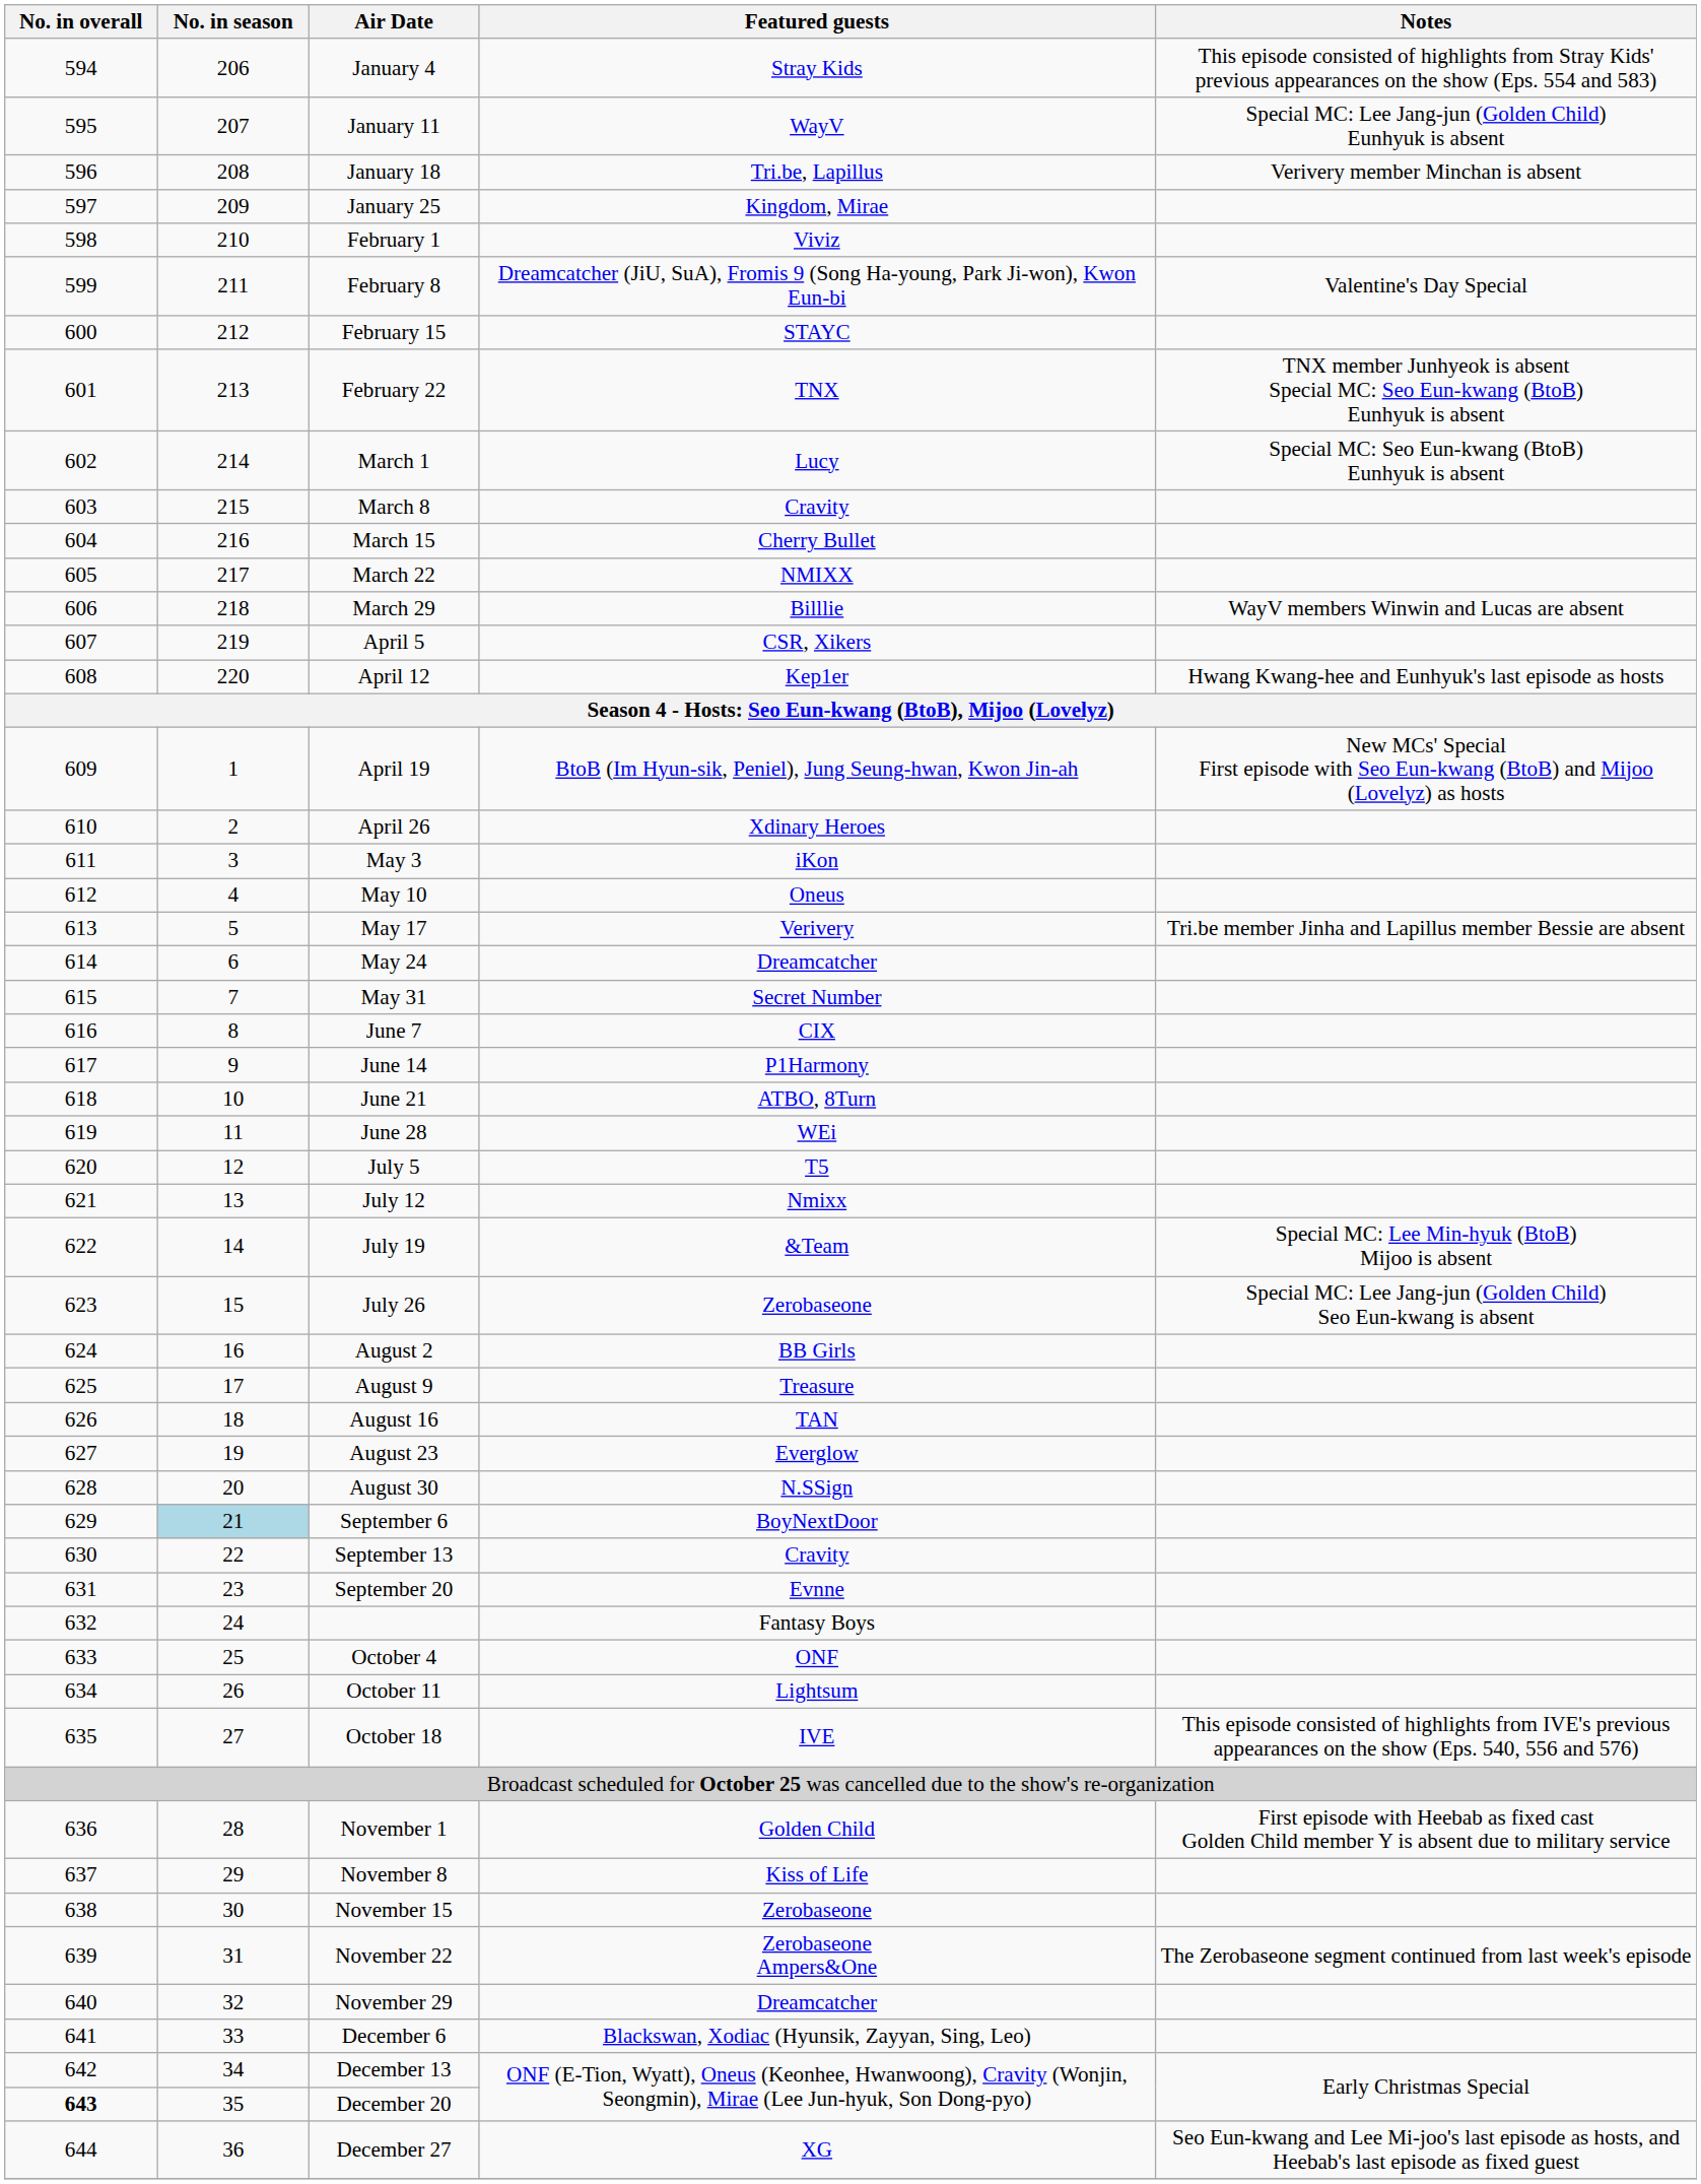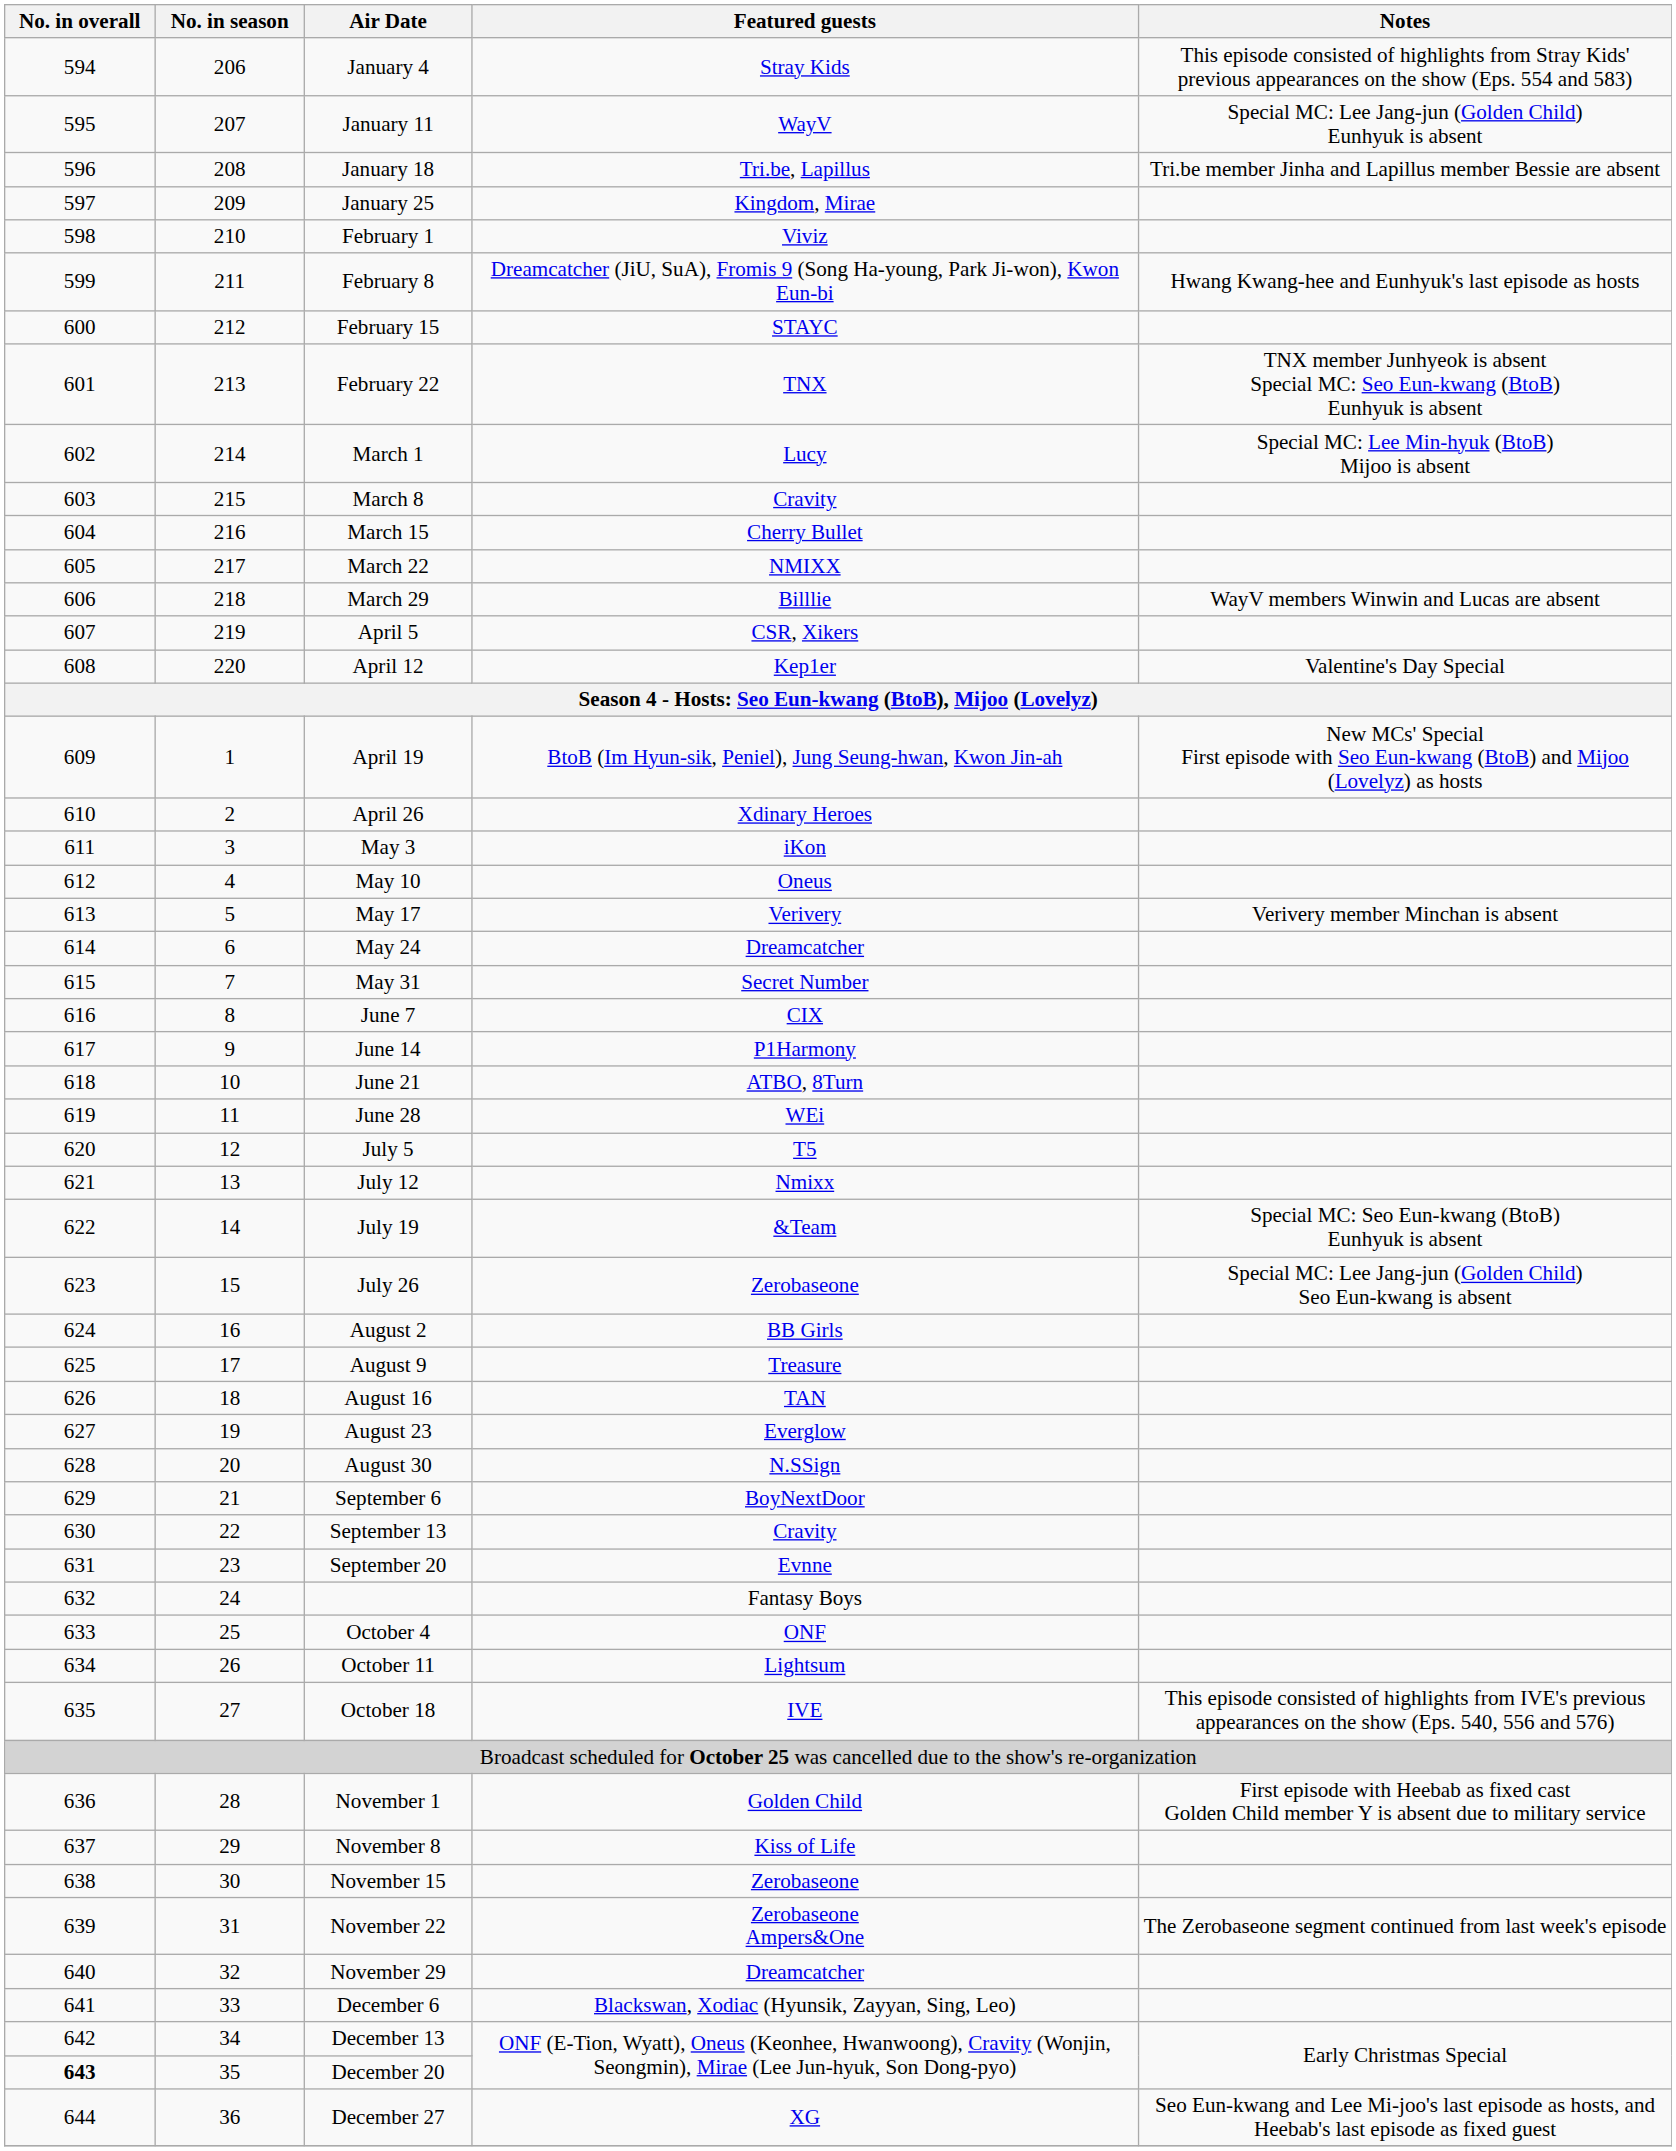 <table class="wikitable" style="text-align:center; width:100%">
 <tr>
 <th width="9%">No. in overall</th>
 <th width="9%">No. in season</th>
 <th width="10%">Air Date</th>
 <th width="40%">Featured guests</th>
 <th width="32%">Notes</th>
 </tr>
 <tr>
 <td>594</td>
 <td>206</td>
 <td>January 4</td>
 <td><a href='#'>Stray Kids</a></td>
 <td>This episode consisted of highlights from Stray Kids' previous appearances on the show (Eps. 554 and 583)</td>
 </tr>
 <tr>
 <td>595</td>
 <td>207</td>
 <td>January 11</td>
 <td><a href='#'>WayV</a></td>
 <td>Special MC: Lee Jang-jun (<a href='#'>Golden Child</a>)<br>Eunhyuk is absent</td>
 </tr>
 <tr>
 <td>596</td>
 <td>208</td>
 <td>January 18</td>
 <td><a href='#'>Tri.be</a>, <a href='#'>Lapillus</a></td>
-<td>Verivery member Minchan is absent</td>
+<td>Tri.be member Jinha and Lapillus member Bessie are absent</td>
 </tr>
 <tr>
 <td>597</td>
 <td>209</td>
 <td>January 25</td>
 <td><a href='#'>Kingdom</a>, <a href='#'>Mirae</a></td>
 <td></td>
 </tr>
 <tr>
 <td>598</td>
 <td>210</td>
 <td>February 1</td>
 <td><a href='#'>Viviz</a></td>
 <td></td>
 </tr>
 <tr>
 <td>599</td>
 <td>211</td>
 <td>February 8</td>
 <td><a href='#'>Dreamcatcher</a> (JiU, SuA), <a href='#'>Fromis 9</a> (Song Ha-young, Park Ji-won), <a href='#'>Kwon Eun-bi</a></td>
-<td>Valentine's Day Special</td>
+<td>Hwang Kwang-hee and Eunhyuk's last episode as hosts</td>
 </tr>
 <tr>
 <td>600</td>
 <td>212</td>
 <td>February 15</td>
 <td><a href='#'>STAYC</a></td>
 <td></td>
 </tr>
 <tr>
 <td>601</td>
 <td>213</td>
 <td>February 22</td>
 <td><a href='#'>TNX</a></td>
 <td>TNX member Junhyeok is absent<br>Special MC: <a href='#'>Seo Eun-kwang</a> (<a href='#'>BtoB</a>)<br>Eunhyuk is absent</td>
 </tr>
 <tr>
 <td>602</td>
 <td>214</td>
 <td>March 1</td>
 <td><a href='#'>Lucy</a></td>
-<td>Special MC: Seo Eun-kwang (BtoB)<br>Eunhyuk is absent</td>
+<td>Special MC: <a href='#'>Lee Min-hyuk</a> (<a href='#'>BtoB</a>)<br>Mijoo is absent</td>
 </tr>
 <tr>
 <td>603</td>
 <td>215</td>
 <td>March 8</td>
 <td><a href='#'>Cravity</a></td>
 <td></td>
 </tr>
 <tr>
 <td>604</td>
 <td>216</td>
 <td>March 15</td>
 <td><a href='#'>Cherry Bullet</a></td>
 <td></td>
 </tr>
 <tr>
 <td>605</td>
 <td>217</td>
 <td>March 22</td>
 <td><a href='#'>NMIXX</a></td>
 <td></td>
 </tr>
 <tr>
 <td>606</td>
 <td>218</td>
 <td>March 29</td>
 <td><a href='#'>Billlie</a></td>
 <td>WayV members Winwin and Lucas are absent</td>
 </tr>
 <tr>
 <td>607</td>
 <td>219</td>
 <td>April 5</td>
 <td><a href='#'>CSR</a>, <a href='#'>Xikers</a></td>
 <td></td>
 </tr>
 <tr>
 <td>608</td>
 <td>220</td>
 <td>April 12</td>
 <td><a href='#'>Kep1er</a></td>
-<td>Hwang Kwang-hee and Eunhyuk's last episode as hosts</td>
+<td>Valentine's Day Special</td>
 </tr>
 <tr>
 <th colspan="5">Season 4 - Hosts: <a href='#'>Seo Eun-kwang</a> (<a href='#'>BtoB</a>), <a href='#'>Mijoo</a> (<a href='#'>Lovelyz</a>)</th>
 </tr>
 <tr>
 <td>609</td>
 <td>1</td>
 <td>April 19</td>
 <td><a href='#'>BtoB</a> (<a href='#'>Im Hyun-sik</a>, <a href='#'>Peniel</a>), <a href='#'>Jung Seung-hwan</a>, <a href='#'>Kwon Jin-ah</a></td>
 <td>New MCs' Special<br>First episode with <a href='#'>Seo Eun-kwang</a> (<a href='#'>BtoB</a>) and <a href='#'>Mijoo</a> (<a href='#'>Lovelyz</a>) as hosts</td>
 </tr>
 <tr>
 <td>610</td>
 <td>2</td>
 <td>April 26</td>
 <td><a href='#'>Xdinary Heroes</a></td>
 <td></td>
 </tr>
 <tr>
 <td>611</td>
 <td>3</td>
 <td>May 3</td>
 <td><a href='#'>iKon</a></td>
 <td></td>
 </tr>
 <tr>
 <td>612</td>
 <td>4</td>
 <td>May 10</td>
 <td><a href='#'>Oneus</a></td>
 <td></td>
 </tr>
 <tr>
 <td>613</td>
 <td>5</td>
 <td>May 17</td>
 <td><a href='#'>Verivery</a></td>
-<td>Tri.be member Jinha and Lapillus member Bessie are absent</td>
+<td>Verivery member Minchan is absent</td>
 </tr>
 <tr>
 <td>614</td>
 <td>6</td>
 <td>May 24</td>
 <td><a href='#'>Dreamcatcher</a></td>
 <td></td>
 </tr>
 <tr>
 <td>615</td>
 <td>7</td>
 <td>May 31</td>
 <td><a href='#'>Secret Number</a></td>
 <td></td>
 </tr>
 <tr>
 <td>616</td>
 <td>8</td>
 <td>June 7</td>
 <td><a href='#'>CIX</a></td>
 <td></td>
 </tr>
 <tr>
 <td>617</td>
 <td>9</td>
 <td>June 14</td>
 <td><a href='#'>P1Harmony</a></td>
 <td></td>
 </tr>
 <tr>
 <td>618</td>
 <td>10</td>
 <td>June 21</td>
 <td><a href='#'>ATBO</a>, <a href='#'>8Turn</a></td>
 <td></td>
 </tr>
 <tr>
 <td>619</td>
 <td>11</td>
 <td>June 28</td>
 <td><a href='#'>WEi</a></td>
 <td></td>
 </tr>
 <tr>
 <td>620</td>
 <td>12</td>
 <td>July 5</td>
 <td><a href='#'>T5</a></td>
 <td></td>
 </tr>
 <tr>
 <td>621</td>
 <td>13</td>
 <td>July 12</td>
 <td><a href='#'>Nmixx</a></td>
 <td></td>
 </tr>
 <tr>
 <td>622</td>
 <td>14</td>
 <td>July 19</td>
 <td><a href='#'>&Team</a></td>
-<td>Special MC: <a href='#'>Lee Min-hyuk</a> (<a href='#'>BtoB</a>)<br>Mijoo is absent</td>
+<td>Special MC: Seo Eun-kwang (BtoB)<br>Eunhyuk is absent</td>
 </tr>
 <tr>
 <td>623</td>
 <td>15</td>
 <td>July 26</td>
 <td><a href='#'>Zerobaseone</a></td>
 <td>Special MC: Lee Jang-jun (<a href='#'>Golden Child</a>)<br>Seo Eun-kwang is absent</td>
 </tr>
 <tr>
 <td>624</td>
 <td>16</td>
 <td>August 2</td>
 <td><a href='#'>BB Girls</a></td>
 <td></td>
 </tr>
 <tr>
 <td>625</td>
 <td>17</td>
 <td>August 9</td>
 <td><a href='#'>Treasure</a></td>
 <td></td>
 </tr>
 <tr>
 <td>626</td>
 <td>18</td>
 <td>August 16</td>
 <td><a href='#'>TAN</a></td>
 <td></td>
 </tr>
 <tr>
 <td>627</td>
 <td>19</td>
 <td>August 23</td>
 <td><a href='#'>Everglow</a></td>
 <td></td>
 </tr>
 <tr>
 <td>628</td>
 <td>20</td>
 <td>August 30</td>
 <td><a href='#'>N.SSign</a></td>
 <td></td>
 </tr>
 <tr>
 <td>629</td>
-<td style="background: lightblue;">21</td>
+<td>21</td>
 <td>September 6</td>
 <td><a href='#'>BoyNextDoor</a></td>
 <td></td>
 </tr>
 <tr>
 <td>630</td>
 <td>22</td>
 <td>September 13</td>
 <td><a href='#'>Cravity</a></td>
 <td></td>
 </tr>
 <tr>
 <td>631</td>
 <td>23</td>
 <td>September 20</td>
 <td><a href='#'>Evnne</a></td>
 <td></td>
 </tr>
 <tr>
 <td>632</td>
 <td>24</td>
 <td></td>
 <td>Fantasy Boys</td>
 <td></td>
 </tr>
 <tr>
 <td>633</td>
 <td>25</td>
 <td>October 4</td>
 <td><a href='#'>ONF</a></td>
 <td></td>
 </tr>
 <tr>
 <td>634</td>
 <td>26</td>
 <td>October 11</td>
 <td><a href='#'>Lightsum</a></td>
 <td></td>
 </tr>
 <tr>
 <td>635</td>
 <td>27</td>
 <td>October 18</td>
 <td><a href='#'>IVE</a></td>
 <td>This episode consisted of highlights from IVE's previous appearances on the show (Eps. 540, 556 and 576)</td>
 </tr>
 <tr>
 <td colspan="5" style="text-align:center;background:Lightgray">Broadcast scheduled for <strong>October 25</strong> was cancelled due to the show's re-organization</td>
 </tr>
 <tr>
 <td>636</td>
 <td>28</td>
 <td>November 1</td>
 <td><a href='#'>Golden Child</a></td>
 <td>First episode with Heebab as fixed cast<br>Golden Child member Y is absent due to military service</td>
 </tr>
 <tr>
 <td>637</td>
 <td>29</td>
 <td>November 8</td>
 <td><a href='#'>Kiss of Life</a></td>
 <td></td>
 </tr>
 <tr>
 <td>638</td>
 <td>30</td>
 <td>November 15</td>
 <td><a href='#'>Zerobaseone</a></td>
 <td></td>
 </tr>
 <tr>
 <td>639</td>
 <td>31</td>
 <td>November 22</td>
 <td><a href='#'>Zerobaseone</a><br><a href='#'>Ampers&One</a></td>
 <td>The Zerobaseone segment continued from last week's episode</td>
 </tr>
 <tr>
 <td>640</td>
 <td>32</td>
 <td>November 29</td>
 <td><a href='#'>Dreamcatcher</a></td>
 <td></td>
 </tr>
 <tr>
 <td>641</td>
 <td>33</td>
 <td>December 6</td>
 <td><a href='#'>Blackswan</a>, <a href='#'>Xodiac</a> (Hyunsik, Zayyan, Sing, Leo)</td>
 <td></td>
 </tr>
 <tr>
 <td>642</td>
 <td>34</td>
 <td>December 13</td>
 <td rowspan="2"><a href='#'>ONF</a> (E-Tion, Wyatt), <a href='#'>Oneus</a> (Keonhee, Hwanwoong), <a href='#'>Cravity</a> (Wonjin, Seongmin), <a href='#'>Mirae</a> (Lee Jun-hyuk, Son Dong-pyo)</td>
 <td rowspan="2">Early Christmas Special</td>
 </tr>
 <tr>
 <td><strong>643</strong></td>
 <td>35</td>
 <td>December 20</td>
 </tr>
 <tr>
 <td>644</td>
 <td>36</td>
 <td>December 27</td>
 <td><a href='#'>XG</a></td>
 <td>Seo Eun-kwang and Lee Mi-joo's last episode as hosts, and Heebab's last episode as fixed guest</td>
 </tr>
 <tr>
 </tr>
 </table>
